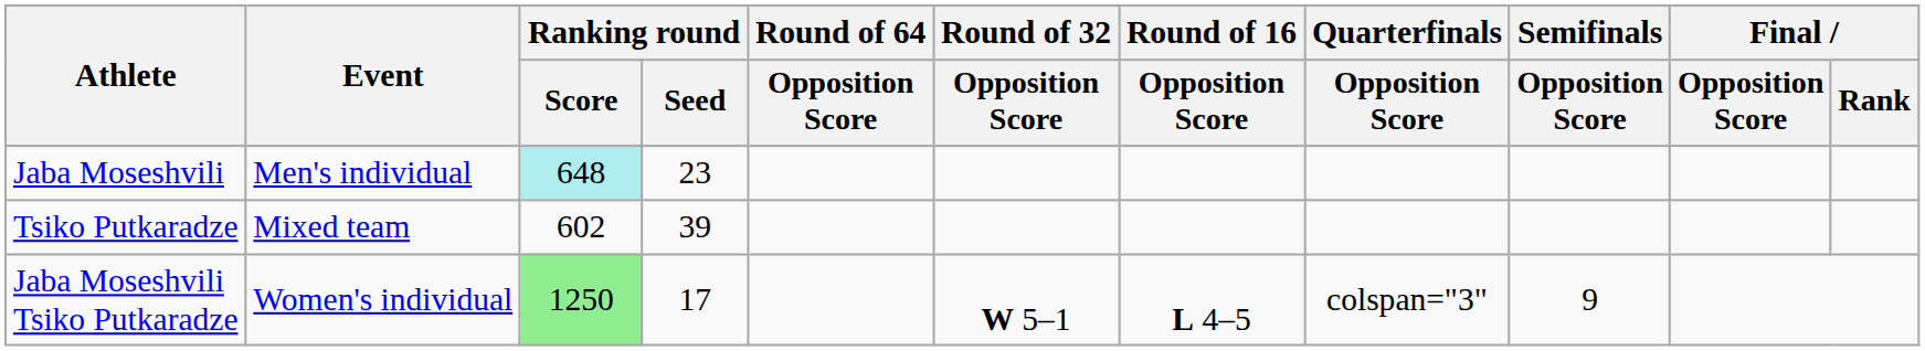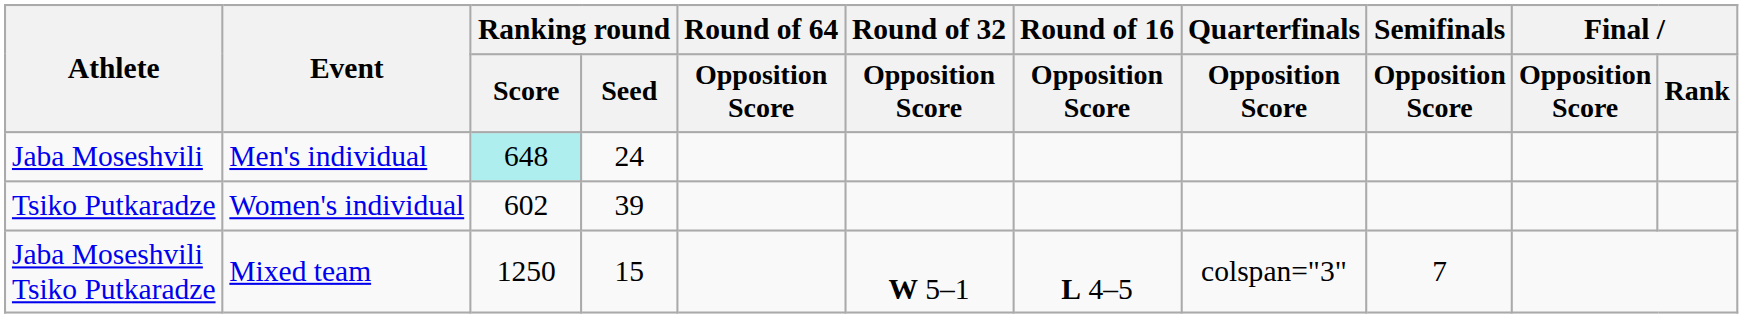 <table class="wikitable" style="text-align:center; font-size:90%">
 <tr>
 <th rowspan="2">Athlete</th>
 <th rowspan="2">Event</th>
 <th colspan="2">Ranking round</th>
 <th>Round of 64</th>
 <th>Round of 32</th>
 <th>Round of 16</th>
 <th>Quarterfinals</th>
 <th>Semifinals</th>
 <th colspan="2">Final / </th>
 </tr>
 <tr style="font-size:95%">
 <th>Score</th>
 <th>Seed</th>
 <th>Opposition<br>Score</th>
 <th>Opposition<br>Score</th>
 <th>Opposition<br>Score</th>
 <th>Opposition<br>Score</th>
 <th>Opposition<br>Score</th>
 <th>Opposition<br>Score</th>
 <th>Rank</th>
 </tr>
 <tr>
 <td align="left"><a href='#'>Jaba Moseshvili</a></td>
 <td align="left"><a href='#'>Men's individual</a></td>
 <td style="background: paleturquoise;">648</td>
-<td>23</td>
+<td>24</td>
 <td><br></td>
 <td></td>
 <td></td>
 <td></td>
 <td></td>
 <td></td>
 <td></td>
 </tr>
 <tr>
 <td align="left"><a href='#'>Tsiko Putkaradze</a></td>
-<td align="left"><a href='#'>Mixed team</a></td>
+<td align="left"><a href='#'>Women's individual</a></td>
 <td>602</td>
 <td>39</td>
 <td><br></td>
 <td></td>
 <td></td>
 <td></td>
 <td></td>
 <td></td>
 <td></td>
 </tr>
 <tr>
 <td align="left"><a href='#'>Jaba Moseshvili</a><br><a href='#'>Tsiko Putkaradze</a></td>
-<td align="left"><a href='#'>Women's individual</a></td>
-<td style="background: lightgreen;">1250</td>
-<td>17</td>
+<td align="left"><a href='#'>Mixed team</a></td>
+<td>1250</td>
+<td>15</td>
 <td></td>
 <td><br><strong>W</strong> 5–1</td>
 <td><br><strong>L</strong> 4–5</td>
 <td>colspan="3" </td>
-<td>9</td>
+<td>7</td>
 </tr>
 </table>
